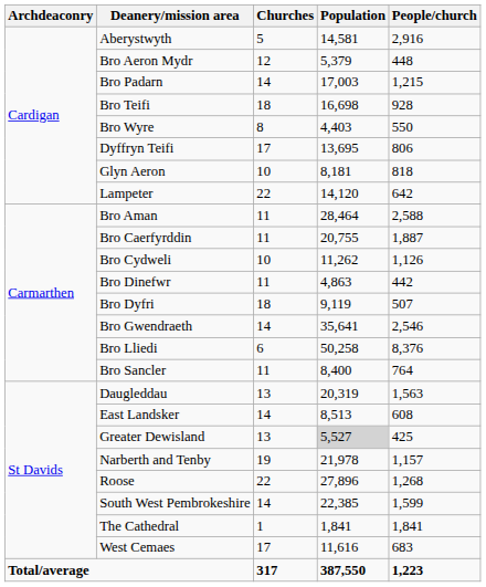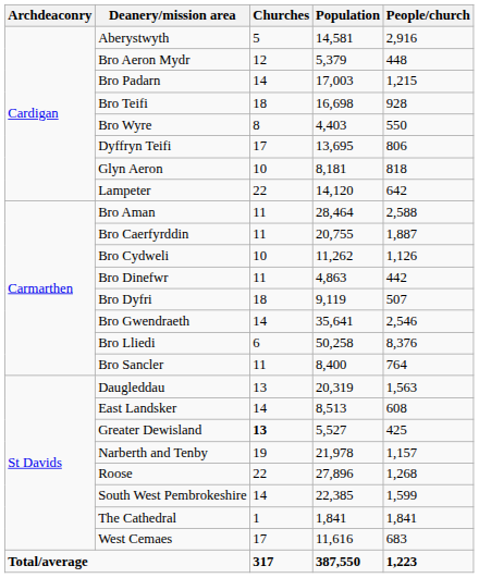 <table class="wikitable">
 <tr>
 <th>Archdeaconry</th>
 <th>Deanery/mission area</th>
 <th>Churches</th>
 <th>Population</th>
 <th>People/church</th>
 </tr>
 <tr>
 <td rowspan="8"><a href='#'>Cardigan</a></td>
 <td>Aberystwyth</td>
 <td>5</td>
 <td>14,581</td>
 <td>2,916</td>
 </tr>
 <tr>
 <td>Bro Aeron Mydr</td>
 <td>12</td>
 <td>5,379</td>
 <td>448</td>
 </tr>
 <tr>
 <td>Bro Padarn</td>
 <td>14</td>
 <td>17,003</td>
 <td>1,215</td>
 </tr>
 <tr>
 <td>Bro Teifi</td>
 <td>18</td>
 <td>16,698</td>
 <td>928</td>
 </tr>
 <tr>
 <td>Bro Wyre</td>
 <td>8</td>
 <td>4,403</td>
 <td>550</td>
 </tr>
 <tr>
 <td>Dyffryn Teifi</td>
 <td>17</td>
 <td>13,695</td>
 <td>806</td>
 </tr>
 <tr>
 <td>Glyn Aeron</td>
 <td>10</td>
 <td>8,181</td>
 <td>818</td>
 </tr>
 <tr>
 <td>Lampeter</td>
 <td>22</td>
 <td>14,120</td>
 <td>642</td>
 </tr>
 <tr>
 <td rowspan="8"><a href='#'>Carmarthen</a></td>
 <td>Bro Aman</td>
 <td>11</td>
 <td>28,464</td>
 <td>2,588</td>
 </tr>
 <tr>
 <td>Bro Caerfyrddin</td>
 <td>11</td>
 <td>20,755</td>
 <td>1,887</td>
 </tr>
 <tr>
 <td>Bro Cydweli</td>
 <td>10</td>
 <td>11,262</td>
 <td>1,126</td>
 </tr>
 <tr>
 <td>Bro Dinefwr</td>
 <td>11</td>
 <td>4,863</td>
 <td>442</td>
 </tr>
 <tr>
 <td>Bro Dyfri</td>
 <td>18</td>
 <td>9,119</td>
 <td>507</td>
 </tr>
 <tr>
 <td>Bro Gwendraeth</td>
 <td>14</td>
 <td>35,641</td>
 <td>2,546</td>
 </tr>
 <tr>
 <td>Bro Lliedi</td>
 <td>6</td>
 <td>50,258</td>
 <td>8,376</td>
 </tr>
 <tr>
 <td>Bro Sancler</td>
 <td>11</td>
 <td>8,400</td>
 <td>764</td>
 </tr>
 <tr>
 <td rowspan="8"><a href='#'>St Davids</a></td>
 <td>Daugleddau</td>
 <td>13</td>
 <td>20,319</td>
 <td>1,563</td>
 </tr>
 <tr>
 <td>East Landsker</td>
 <td>14</td>
 <td>8,513</td>
 <td>608</td>
 </tr>
 <tr>
 <td>Greater Dewisland</td>
-<td>13</td>
-<td style="background: lightgrey;">5,527</td>
+<td><strong>13</strong></td>
+<td>5,527</td>
 <td>425</td>
 </tr>
 <tr>
 <td>Narberth and Tenby</td>
 <td>19</td>
 <td>21,978</td>
 <td>1,157</td>
 </tr>
 <tr>
 <td>Roose</td>
 <td>22</td>
 <td>27,896</td>
 <td>1,268</td>
 </tr>
 <tr>
 <td>South West Pembrokeshire</td>
 <td>14</td>
 <td>22,385</td>
 <td>1,599</td>
 </tr>
 <tr>
 <td>The Cathedral</td>
 <td>1</td>
 <td>1,841</td>
 <td>1,841</td>
 </tr>
 <tr>
 <td>West Cemaes</td>
 <td>17</td>
 <td>11,616</td>
 <td>683</td>
 </tr>
 <tr>
 <td colspan="2"><strong>Total/average</strong></td>
 <td><strong>317</strong></td>
 <td><strong>387,550</strong></td>
 <td><strong>1,223</strong></td>
 </tr>
 </table>
